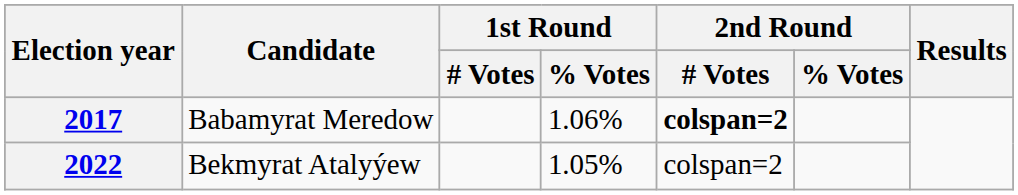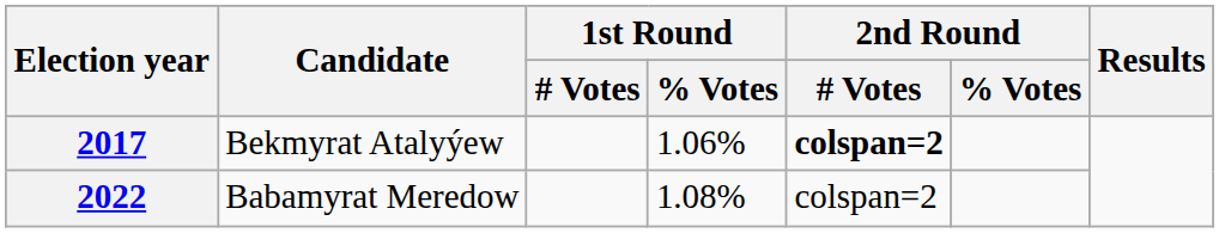 <table class="wikitable">
 <tr>
 <th rowspan=2>Election year</th>
 <th rowspan=2>Candidate</th>
 <th colspan=2>1st Round</th>
 <th colspan=2>2nd Round</th>
 <th rowspan=2>Results</th>
 </tr>
 <tr>
 <th># Votes</th>
 <th>% Votes</th>
 <th># Votes</th>
 <th>% Votes</th>
 </tr>
 <tr>
 <th><a href='#'>2017</a></th>
-<td>Babamyrat Meredow</td>
+<td>Bekmyrat Atalyýew</td>
 <td></td>
 <td>1.06%</td>
 <td><strong>colspan=2 </strong></td>
 <td></td>
 </tr>
 <tr>
 <th><a href='#'>2022</a></th>
-<td>Bekmyrat Atalyýew</td>
+<td>Babamyrat Meredow</td>
 <td></td>
-<td>1.05%</td>
+<td>1.08%</td>
 <td>colspan=2 </td>
 <td></td>
 </tr>
 </table>
